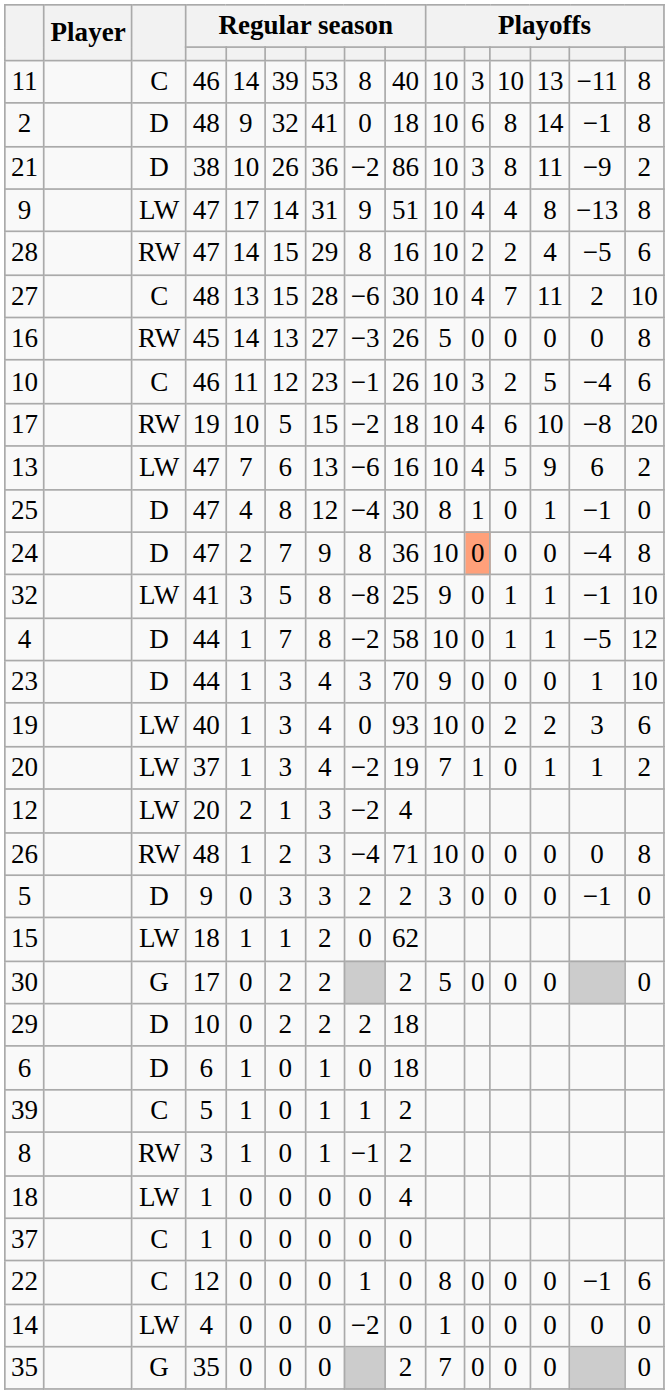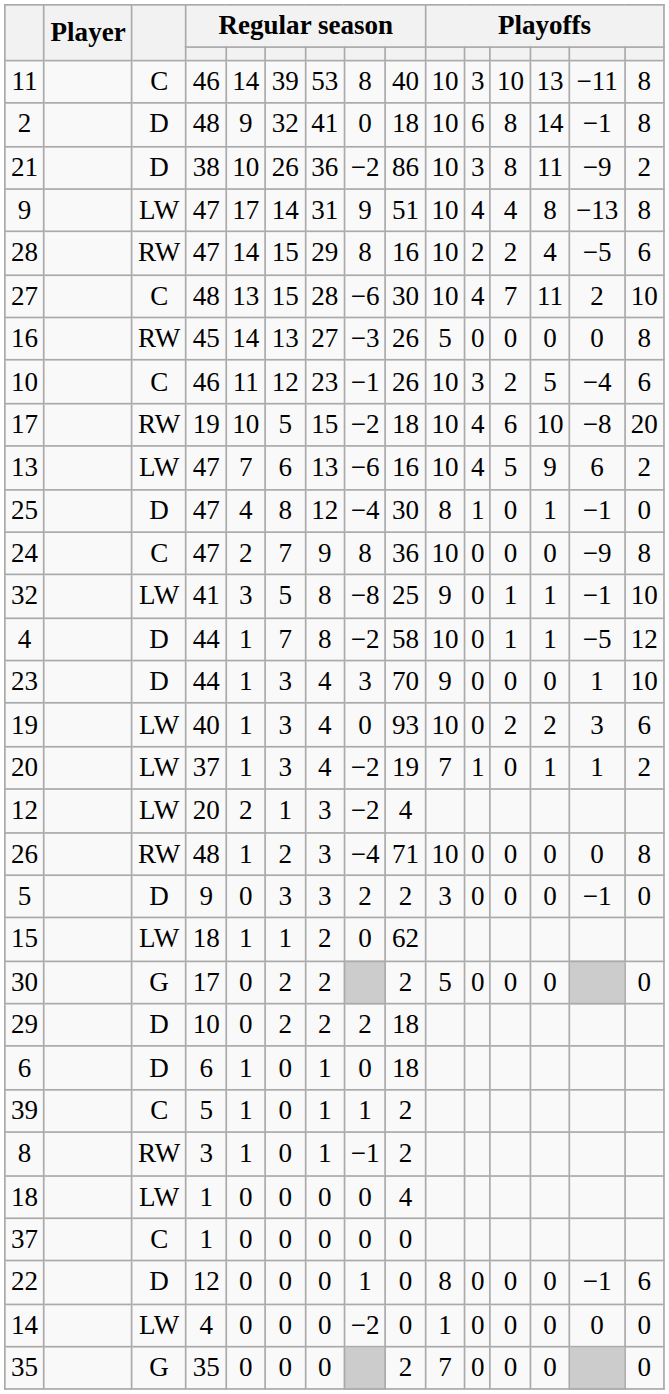 <table class="wikitable sortable plainrowheaders" style="text-align:center;">
 <tr>
 <th scope="col" data-sort-type="number" rowspan="2"></th>
 <th scope="col" rowspan="2">Player</th>
 <th scope="col" rowspan="2"></th>
 <th scope=colgroup colspan=6>Regular season</th>
 <th scope=colgroup colspan=6>Playoffs</th>
 </tr>
 <tr>
 <th scope="col" data-sort-type="number"></th>
 <th scope="col" data-sort-type="number"></th>
 <th scope="col" data-sort-type="number"></th>
 <th scope="col" data-sort-type="number"></th>
 <th scope="col" data-sort-type="number"></th>
 <th scope="col" data-sort-type="number"></th>
 <th scope="col" data-sort-type="number"></th>
 <th scope="col" data-sort-type="number"></th>
 <th scope="col" data-sort-type="number"></th>
 <th scope="col" data-sort-type="number"></th>
 <th scope="col" data-sort-type="number"></th>
 <th scope="col" data-sort-type="number"></th>
 </tr>
 <tr>
 <td scope="row">11</td>
 <td align="left"></td>
 <td>C</td>
 <td>46</td>
 <td>14</td>
 <td>39</td>
 <td>53</td>
 <td>8</td>
 <td>40</td>
 <td>10</td>
 <td>3</td>
 <td>10</td>
 <td>13</td>
 <td>−11</td>
 <td>8</td>
 </tr>
 <tr>
 <td scope="row">2</td>
 <td align="left"></td>
 <td>D</td>
 <td>48</td>
 <td>9</td>
 <td>32</td>
 <td>41</td>
 <td>0</td>
 <td>18</td>
 <td>10</td>
 <td>6</td>
 <td>8</td>
 <td>14</td>
 <td>−1</td>
 <td>8</td>
 </tr>
 <tr>
 <td scope="row">21</td>
 <td align="left"></td>
 <td>D</td>
 <td>38</td>
 <td>10</td>
 <td>26</td>
 <td>36</td>
 <td>−2</td>
 <td>86</td>
 <td>10</td>
 <td>3</td>
 <td>8</td>
 <td>11</td>
 <td>−9</td>
 <td>2</td>
 </tr>
 <tr>
 <td scope="row">9</td>
 <td align="left"></td>
 <td>LW</td>
 <td>47</td>
 <td>17</td>
 <td>14</td>
 <td>31</td>
 <td>9</td>
 <td>51</td>
 <td>10</td>
 <td>4</td>
 <td>4</td>
 <td>8</td>
 <td>−13</td>
 <td>8</td>
 </tr>
 <tr>
 <td scope="row">28</td>
 <td align="left"></td>
 <td>RW</td>
 <td>47</td>
 <td>14</td>
 <td>15</td>
 <td>29</td>
 <td>8</td>
 <td>16</td>
 <td>10</td>
 <td>2</td>
 <td>2</td>
 <td>4</td>
 <td>−5</td>
 <td>6</td>
 </tr>
 <tr>
 <td scope="row">27</td>
 <td align="left"></td>
 <td>C</td>
 <td>48</td>
 <td>13</td>
 <td>15</td>
 <td>28</td>
 <td>−6</td>
 <td>30</td>
 <td>10</td>
 <td>4</td>
 <td>7</td>
 <td>11</td>
 <td>2</td>
 <td>10</td>
 </tr>
 <tr>
 <td scope="row">16</td>
 <td align="left"></td>
 <td>RW</td>
 <td>45</td>
 <td>14</td>
 <td>13</td>
 <td>27</td>
 <td>−3</td>
 <td>26</td>
 <td>5</td>
 <td>0</td>
 <td>0</td>
 <td>0</td>
 <td>0</td>
 <td>8</td>
 </tr>
 <tr>
 <td scope="row">10</td>
 <td align="left"></td>
 <td>C</td>
 <td>46</td>
 <td>11</td>
 <td>12</td>
 <td>23</td>
 <td>−1</td>
 <td>26</td>
 <td>10</td>
 <td>3</td>
 <td>2</td>
 <td>5</td>
 <td>−4</td>
 <td>6</td>
 </tr>
 <tr>
 <td scope="row">17</td>
 <td align="left"></td>
 <td>RW</td>
 <td>19</td>
 <td>10</td>
 <td>5</td>
 <td>15</td>
 <td>−2</td>
 <td>18</td>
 <td>10</td>
 <td>4</td>
 <td>6</td>
 <td>10</td>
 <td>−8</td>
 <td>20</td>
 </tr>
 <tr>
 <td scope="row">13</td>
 <td align="left"></td>
 <td>LW</td>
 <td>47</td>
 <td>7</td>
 <td>6</td>
 <td>13</td>
 <td>−6</td>
 <td>16</td>
 <td>10</td>
 <td>4</td>
 <td>5</td>
 <td>9</td>
 <td>6</td>
 <td>2</td>
 </tr>
 <tr>
 <td scope="row">25</td>
 <td align="left"></td>
 <td>D</td>
 <td>47</td>
 <td>4</td>
 <td>8</td>
 <td>12</td>
 <td>−4</td>
 <td>30</td>
 <td>8</td>
 <td>1</td>
 <td>0</td>
 <td>1</td>
 <td>−1</td>
 <td>0</td>
 </tr>
 <tr>
 <td scope="row">24</td>
 <td align="left"></td>
-<td>D</td>
+<td>C</td>
 <td>47</td>
 <td>2</td>
 <td>7</td>
 <td>9</td>
 <td>8</td>
 <td>36</td>
 <td>10</td>
-<td style="background: lightsalmon;">0</td>
 <td>0</td>
 <td>0</td>
-<td>−4</td>
+<td>0</td>
+<td>−9</td>
 <td>8</td>
 </tr>
 <tr>
 <td scope="row">32</td>
 <td align="left"></td>
 <td>LW</td>
 <td>41</td>
 <td>3</td>
 <td>5</td>
 <td>8</td>
 <td>−8</td>
 <td>25</td>
 <td>9</td>
 <td>0</td>
 <td>1</td>
 <td>1</td>
 <td>−1</td>
 <td>10</td>
 </tr>
 <tr>
 <td scope="row">4</td>
 <td align="left"></td>
 <td>D</td>
 <td>44</td>
 <td>1</td>
 <td>7</td>
 <td>8</td>
 <td>−2</td>
 <td>58</td>
 <td>10</td>
 <td>0</td>
 <td>1</td>
 <td>1</td>
 <td>−5</td>
 <td>12</td>
 </tr>
 <tr>
 <td scope="row">23</td>
 <td align="left"></td>
 <td>D</td>
 <td>44</td>
 <td>1</td>
 <td>3</td>
 <td>4</td>
 <td>3</td>
 <td>70</td>
 <td>9</td>
 <td>0</td>
 <td>0</td>
 <td>0</td>
 <td>1</td>
 <td>10</td>
 </tr>
 <tr>
 <td scope="row">19</td>
 <td align="left"></td>
 <td>LW</td>
 <td>40</td>
 <td>1</td>
 <td>3</td>
 <td>4</td>
 <td>0</td>
 <td>93</td>
 <td>10</td>
 <td>0</td>
 <td>2</td>
 <td>2</td>
 <td>3</td>
 <td>6</td>
 </tr>
 <tr>
 <td scope="row">20</td>
 <td align="left"></td>
 <td>LW</td>
 <td>37</td>
 <td>1</td>
 <td>3</td>
 <td>4</td>
 <td>−2</td>
 <td>19</td>
 <td>7</td>
 <td>1</td>
 <td>0</td>
 <td>1</td>
 <td>1</td>
 <td>2</td>
 </tr>
 <tr>
 <td scope="row">12</td>
 <td align="left"></td>
 <td>LW</td>
 <td>20</td>
 <td>2</td>
 <td>1</td>
 <td>3</td>
 <td>−2</td>
 <td>4</td>
 <td></td>
 <td></td>
 <td></td>
 <td></td>
 <td></td>
 <td></td>
 </tr>
 <tr>
 <td scope="row">26</td>
 <td align="left"></td>
 <td>RW</td>
 <td>48</td>
 <td>1</td>
 <td>2</td>
 <td>3</td>
 <td>−4</td>
 <td>71</td>
 <td>10</td>
 <td>0</td>
 <td>0</td>
 <td>0</td>
 <td>0</td>
 <td>8</td>
 </tr>
 <tr>
 <td scope="row">5</td>
 <td align="left"></td>
 <td>D</td>
 <td>9</td>
 <td>0</td>
 <td>3</td>
 <td>3</td>
 <td>2</td>
 <td>2</td>
 <td>3</td>
 <td>0</td>
 <td>0</td>
 <td>0</td>
 <td>−1</td>
 <td>0</td>
 </tr>
 <tr>
 <td scope="row">15</td>
 <td align="left"></td>
 <td>LW</td>
 <td>18</td>
 <td>1</td>
 <td>1</td>
 <td>2</td>
 <td>0</td>
 <td>62</td>
 <td></td>
 <td></td>
 <td></td>
 <td></td>
 <td></td>
 <td></td>
 </tr>
 <tr>
 <td scope="row">30</td>
 <td align="left"></td>
 <td>G</td>
 <td>17</td>
 <td>0</td>
 <td>2</td>
 <td>2</td>
 <td style="background:#ccc"></td>
 <td>2</td>
 <td>5</td>
 <td>0</td>
 <td>0</td>
 <td>0</td>
 <td style="background:#ccc"></td>
 <td>0</td>
 </tr>
 <tr>
 <td scope="row">29</td>
 <td align="left"></td>
 <td>D</td>
 <td>10</td>
 <td>0</td>
 <td>2</td>
 <td>2</td>
 <td>2</td>
 <td>18</td>
 <td></td>
 <td></td>
 <td></td>
 <td></td>
 <td></td>
 <td></td>
 </tr>
 <tr>
 <td scope="row">6</td>
 <td align="left"></td>
 <td>D</td>
 <td>6</td>
 <td>1</td>
 <td>0</td>
 <td>1</td>
 <td>0</td>
 <td>18</td>
 <td></td>
 <td></td>
 <td></td>
 <td></td>
 <td></td>
 <td></td>
 </tr>
 <tr>
 <td scope="row">39</td>
 <td align="left"></td>
 <td>C</td>
 <td>5</td>
 <td>1</td>
 <td>0</td>
 <td>1</td>
 <td>1</td>
 <td>2</td>
 <td></td>
 <td></td>
 <td></td>
 <td></td>
 <td></td>
 <td></td>
 </tr>
 <tr>
 <td scope="row">8</td>
 <td align="left"></td>
 <td>RW</td>
 <td>3</td>
 <td>1</td>
 <td>0</td>
 <td>1</td>
 <td>−1</td>
 <td>2</td>
 <td></td>
 <td></td>
 <td></td>
 <td></td>
 <td></td>
 <td></td>
 </tr>
 <tr>
 <td scope="row">18</td>
 <td align="left"></td>
 <td>LW</td>
 <td>1</td>
 <td>0</td>
 <td>0</td>
 <td>0</td>
 <td>0</td>
 <td>4</td>
 <td></td>
 <td></td>
 <td></td>
 <td></td>
 <td></td>
 <td></td>
 </tr>
 <tr>
 <td scope="row">37</td>
 <td align="left"></td>
 <td>C</td>
 <td>1</td>
 <td>0</td>
 <td>0</td>
 <td>0</td>
 <td>0</td>
 <td>0</td>
 <td></td>
 <td></td>
 <td></td>
 <td></td>
 <td></td>
 <td></td>
 </tr>
 <tr>
 <td scope="row">22</td>
 <td align="left"></td>
-<td>C</td>
+<td>D</td>
 <td>12</td>
 <td>0</td>
 <td>0</td>
 <td>0</td>
 <td>1</td>
 <td>0</td>
 <td>8</td>
 <td>0</td>
 <td>0</td>
 <td>0</td>
 <td>−1</td>
 <td>6</td>
 </tr>
 <tr>
 <td scope="row">14</td>
 <td align="left"></td>
 <td>LW</td>
 <td>4</td>
 <td>0</td>
 <td>0</td>
 <td>0</td>
 <td>−2</td>
 <td>0</td>
 <td>1</td>
 <td>0</td>
 <td>0</td>
 <td>0</td>
 <td>0</td>
 <td>0</td>
 </tr>
 <tr>
 <td scope="row">35</td>
 <td align="left"></td>
 <td>G</td>
 <td>35</td>
 <td>0</td>
 <td>0</td>
 <td>0</td>
 <td style="background:#ccc"></td>
 <td>2</td>
 <td>7</td>
 <td>0</td>
 <td>0</td>
 <td>0</td>
 <td style="background:#ccc"></td>
 <td>0</td>
 </tr>
 </table>
